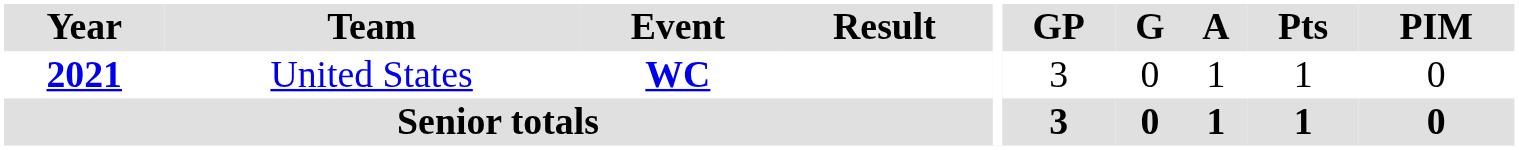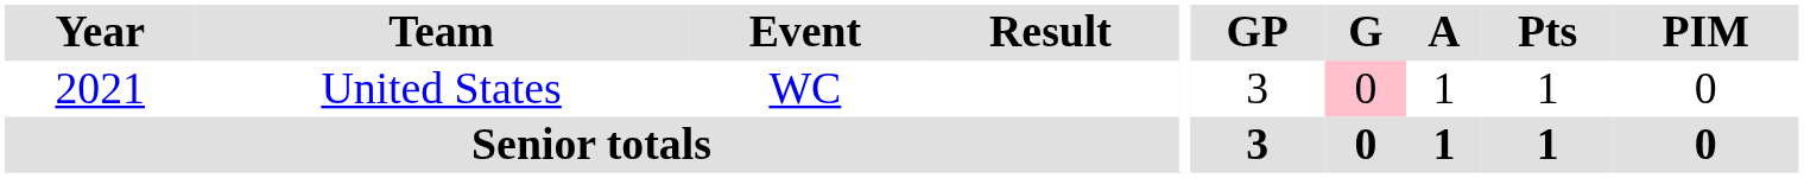 <table border="0" cellpadding="1" cellspacing="0" ID="Table3" style="text-align:center; width:40em">
 <tr bgcolor="#e0e0e0">
 <th>Year</th>
 <th>Team</th>
 <th>Event</th>
 <th>Result</th>
 <th rowspan="99" bgcolor="#ffffff"></th>
 <th>GP</th>
 <th>G</th>
 <th>A</th>
 <th>Pts</th>
 <th>PIM</th>
 </tr>
 <tr>
-<td><strong><a href='#'>2021</a></strong></td>
+<td><a href='#'>2021</a></td>
 <td><a href='#'>United States</a></td>
-<td><strong><a href='#'>WC</a></strong></td>
+<td><a href='#'>WC</a></td>
 <td></td>
 <td>3</td>
-<td>0</td>
+<td style="background: pink;">0</td>
 <td>1</td>
 <td>1</td>
 <td>0</td>
 </tr>
 <tr bgcolor="#e0e0e0">
 <th colspan="4">Senior totals</th>
 <th>3</th>
 <th>0</th>
 <th>1</th>
 <th>1</th>
 <th>0</th>
 </tr>
 </table>
